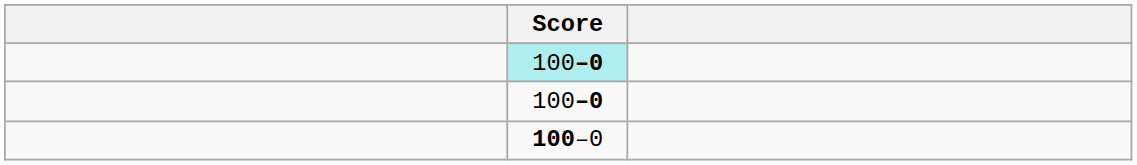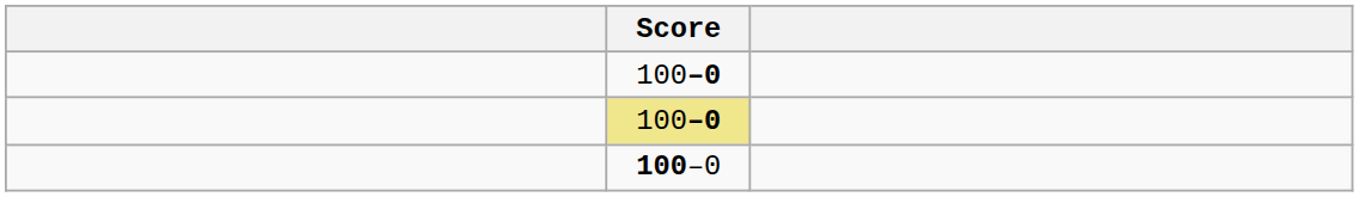 <table class="wikitable" style="text-align: center;">
 <tr>
 <th width=270></th>
 <th width=60>Score</th>
 <th width=270></th>
 </tr>
 <tr>
 <td align=left><strong></td>
-<td style="background: paleturquoise;"></strong>100<strong>–0</td>
+<td></strong>100<strong>–0</td>
 <td align=left></td>
 </tr>
 <tr>
 <td align=left></strong><strong></td>
-<td></strong>100<strong>–0</td>
+<td style="background: khaki;"></strong>100<strong>–0</td>
 <td align=left></td>
 </tr>
 <tr>
 <td align=left></strong></td>
 <td><strong>100</strong>–0</td>
 <td align=left></td>
 </tr>
 </table>
